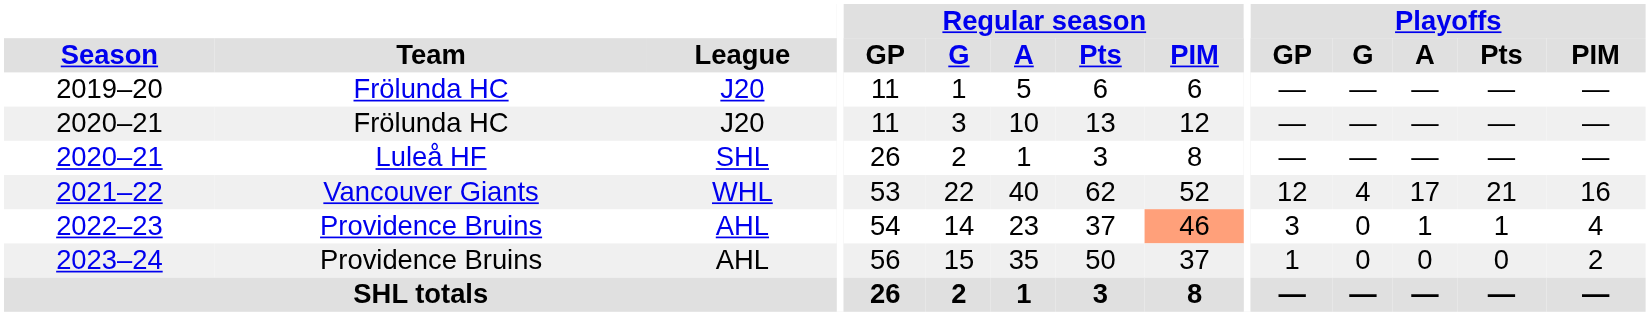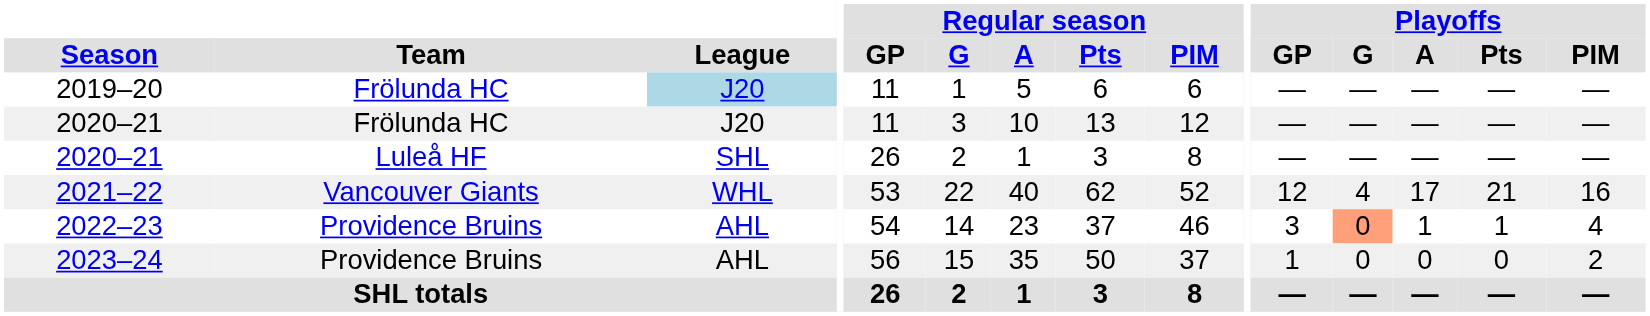 <table border="0" cellpadding="1" cellspacing="0" style="text-align:center; width:60em;">
 <tr bgcolor="#e0e0e0">
 <th colspan="3" bgcolor="#ffffff"></th>
 <th rowspan="99" bgcolor="#ffffff"></th>
 <th colspan="5"><a href='#'>Regular season</a></th>
 <th rowspan="99" bgcolor="#ffffff"></th>
 <th colspan="5"><a href='#'>Playoffs</a></th>
 </tr>
 <tr bgcolor="#e0e0e0">
 <th><a href='#'>Season</a></th>
 <th>Team</th>
 <th>League</th>
 <th>GP</th>
 <th><a href='#'>G</a></th>
 <th><a href='#'>A</a></th>
 <th><a href='#'>Pts</a></th>
 <th><a href='#'>PIM</a></th>
 <th>GP</th>
 <th>G</th>
 <th>A</th>
 <th>Pts</th>
 <th>PIM</th>
 </tr>
 <tr>
 <td>2019–20</td>
 <td><a href='#'>Frölunda HC</a></td>
-<td><a href='#'>J20</a></td>
+<td style="background: lightblue;"><a href='#'>J20</a></td>
 <td>11</td>
 <td>1</td>
 <td>5</td>
 <td>6</td>
 <td>6</td>
 <td>—</td>
 <td>—</td>
 <td>—</td>
 <td>—</td>
 <td>—</td>
 </tr>
 <tr bgcolor="#f0f0f0">
 <td>2020–21</td>
 <td>Frölunda HC</td>
 <td>J20</td>
 <td>11</td>
 <td>3</td>
 <td>10</td>
 <td>13</td>
 <td>12</td>
 <td>—</td>
 <td>—</td>
 <td>—</td>
 <td>—</td>
 <td>—</td>
 </tr>
 <tr>
 <td><a href='#'>2020–21</a></td>
 <td><a href='#'>Luleå HF</a></td>
 <td><a href='#'>SHL</a></td>
 <td>26</td>
 <td>2</td>
 <td>1</td>
 <td>3</td>
 <td>8</td>
 <td>—</td>
 <td>—</td>
 <td>—</td>
 <td>—</td>
 <td>—</td>
 </tr>
 <tr bgcolor="#f0f0f0">
 <td><a href='#'>2021–22</a></td>
 <td><a href='#'>Vancouver Giants</a></td>
 <td><a href='#'>WHL</a></td>
 <td>53</td>
 <td>22</td>
 <td>40</td>
 <td>62</td>
 <td>52</td>
 <td>12</td>
 <td>4</td>
 <td>17</td>
 <td>21</td>
 <td>16</td>
 </tr>
 <tr>
 <td><a href='#'>2022–23</a></td>
 <td><a href='#'>Providence Bruins</a></td>
 <td><a href='#'>AHL</a></td>
 <td>54</td>
 <td>14</td>
 <td>23</td>
 <td>37</td>
-<td style="background: lightsalmon;">46</td>
+<td>46</td>
 <td>3</td>
-<td>0</td>
+<td style="background: lightsalmon;">0</td>
 <td>1</td>
 <td>1</td>
 <td>4</td>
 </tr>
 <tr bgcolor="#f0f0f0">
 <td><a href='#'>2023–24</a></td>
 <td>Providence Bruins</td>
 <td>AHL</td>
 <td>56</td>
 <td>15</td>
 <td>35</td>
 <td>50</td>
 <td>37</td>
 <td>1</td>
 <td>0</td>
 <td>0</td>
 <td>0</td>
 <td>2</td>
 </tr>
 <tr bgcolor="#e0e0e0">
 <th colspan="3">SHL totals</th>
 <th>26</th>
 <th>2</th>
 <th>1</th>
 <th>3</th>
 <th>8</th>
 <th>—</th>
 <th>—</th>
 <th>—</th>
 <th>—</th>
 <th>—</th>
 </tr>
 </table>
